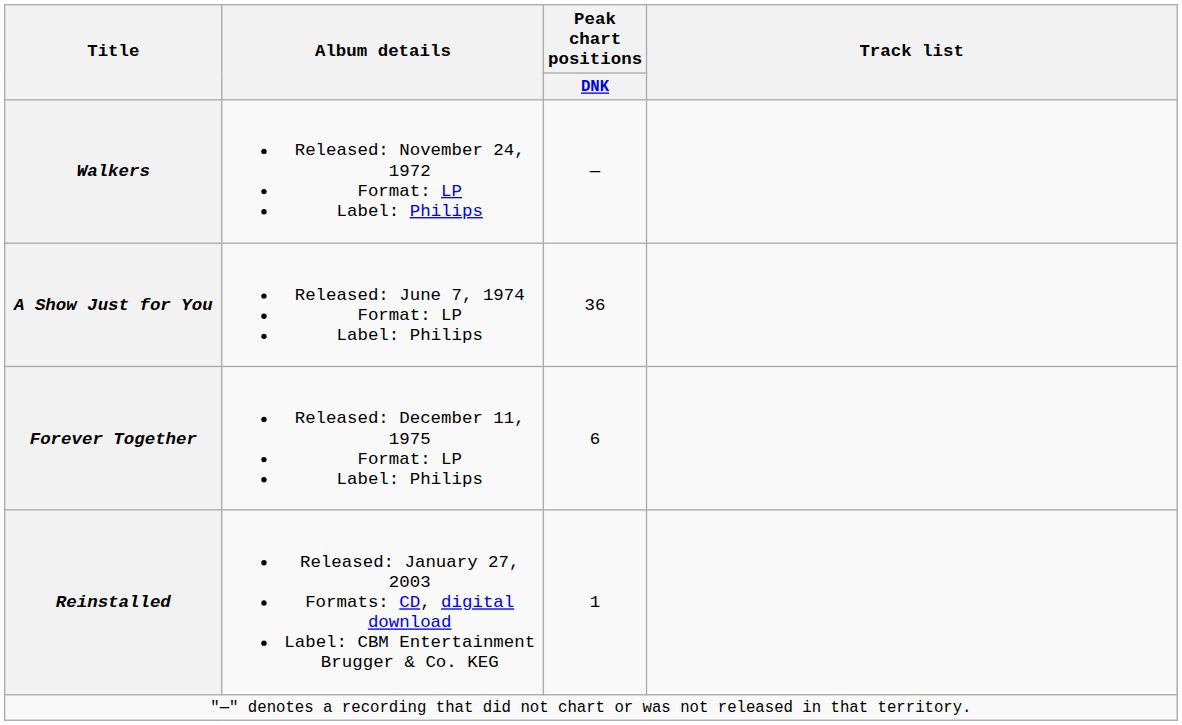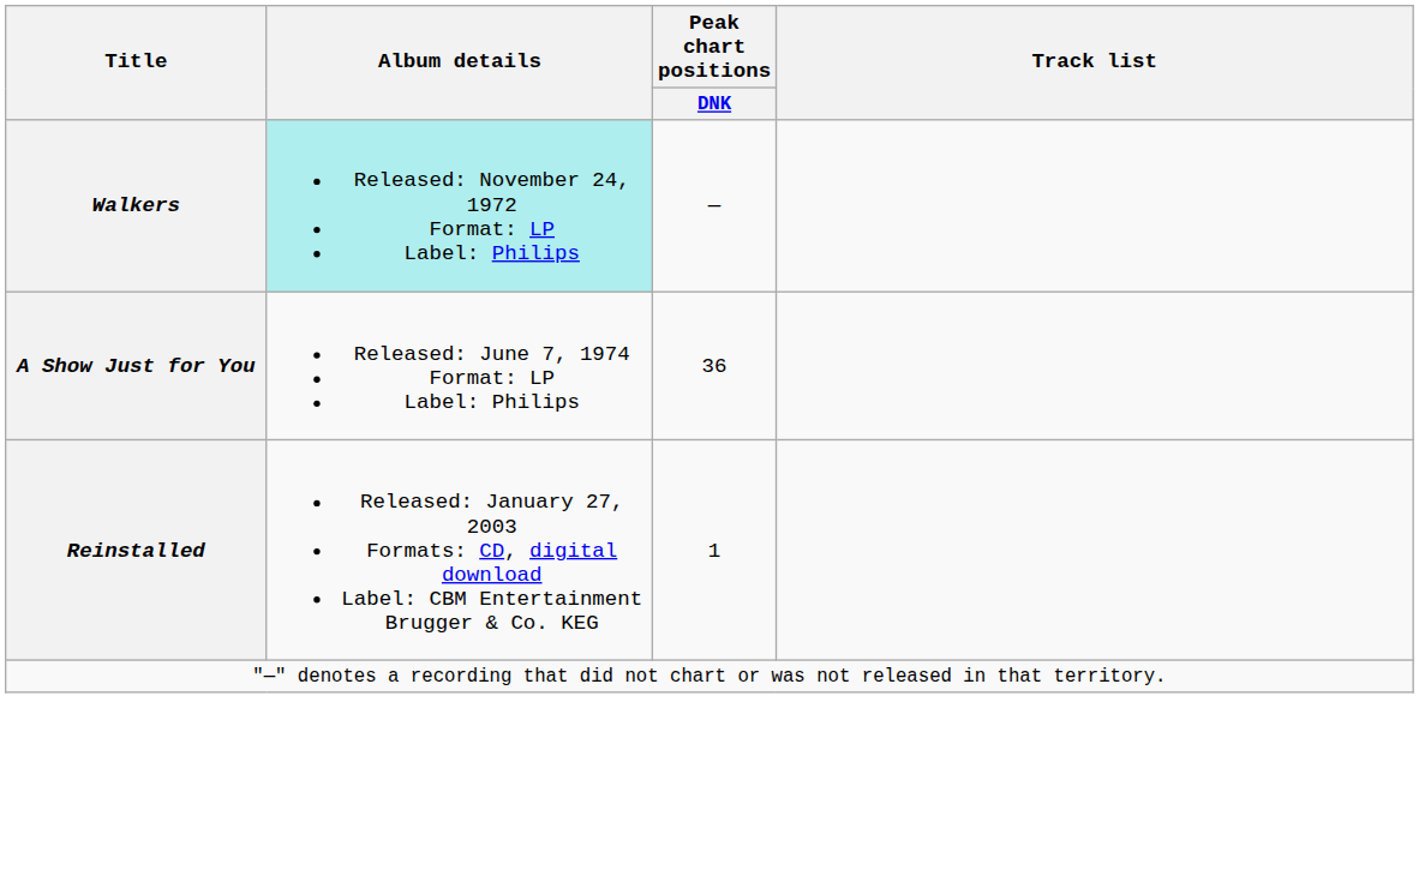 <table class="wikitable plainrowheaders" style="text-align:center;">
 <tr>
 <th scope="col" rowspan="2" style="width:12em;">Title</th>
 <th scope="col" rowspan="2" style="width:18em;">Album details</th>
 <th scope="col" colspan="1">Peak chart positions</th>
 <th scope="col" rowspan="2" style="width:30em;">Track list</th>
 </tr>
 <tr>
 <th scope="col" style="width:2.5em;font-size:90%;"><a href='#'>DNK</a></th>
 </tr>
 <tr>
 <th scope="row"><em>Walkers</em></th>
-<td><br><ul><li>Released: November 24, 1972</li><li>Format: <a href='#'>LP</a></li><li>Label: <a href='#'>Philips</a></li></ul></td>
+<td style="background: paleturquoise;"><br><ul><li>Released: November 24, 1972</li><li>Format: <a href='#'>LP</a></li><li>Label: <a href='#'>Philips</a></li></ul></td>
 <td>—</td>
 <td><br> </td>
 </tr>
 <tr>
 <th scope="row"><em>A Show Just for You</em></th>
 <td><br><ul><li>Released: June 7, 1974</li><li>Format: LP</li><li>Label: Philips</li></ul></td>
 <td>36</td>
-<td><br> </td>
-</tr>
-<tr>
-<th scope="row"><em>Forever Together</em></th>
-<td><br><ul><li>Released: December 11, 1975</li><li>Format: LP</li><li>Label: Philips</li></ul></td>
-<td>6</td>
 <td><br> </td>
 </tr>
 <tr>
 <th scope="row"><em>Reinstalled</em></th>
 <td><br><ul><li>Released: January 27, 2003</li><li>Formats: <a href='#'>CD</a>, <a href='#'>digital download</a></li><li>Label: CBM Entertainment Brugger & Co. KEG</li></ul></td>
 <td>1</td>
 <td><br> </td>
 </tr>
 <tr>
 <td colspan="4" style="font-size:90%">"—" denotes a recording that did not chart or was not released in that territory.</td>
 </tr>
 </table>
